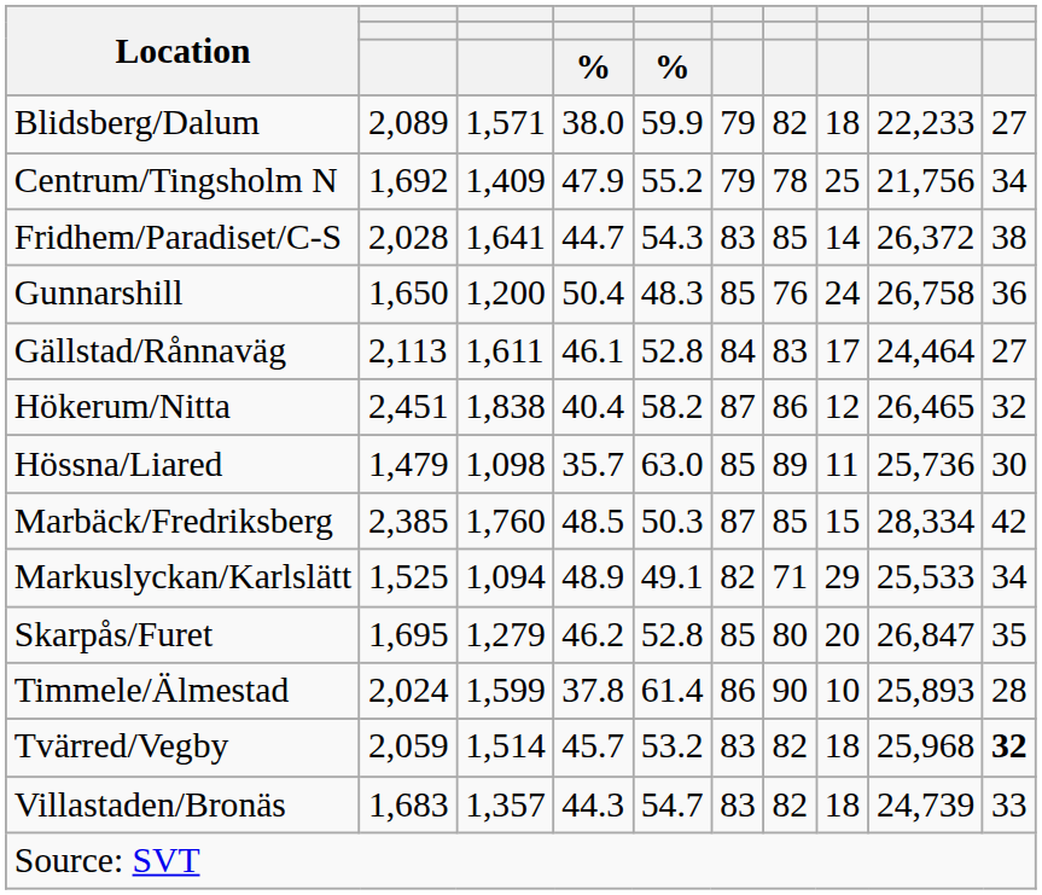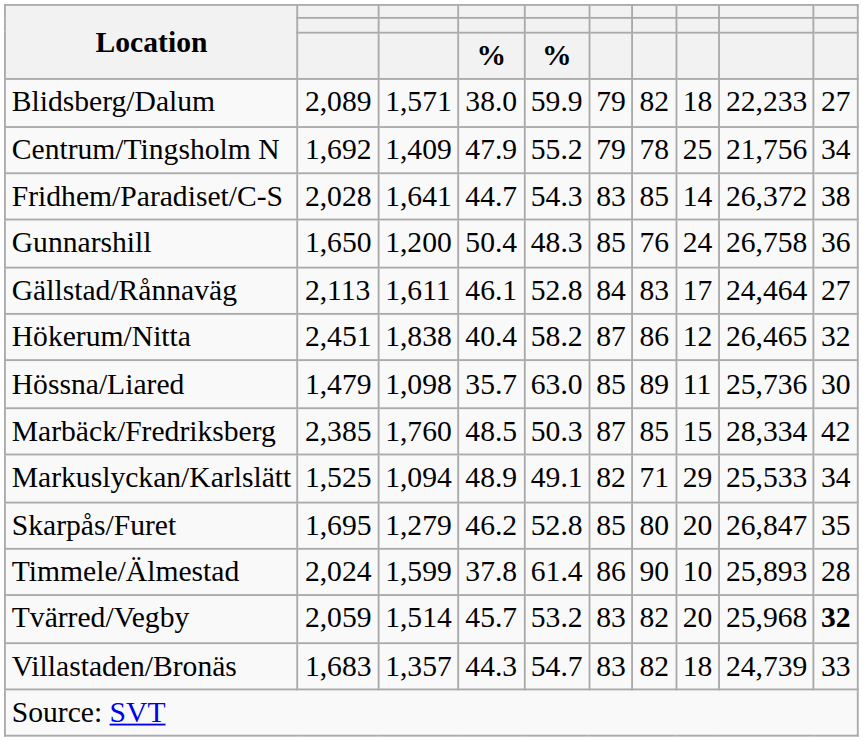 <table role="presentation" class="wikitable sortable mw-collapsible">
 <tr>
 <th rowspan="3">Location</th>
 <th></th>
 <th></th>
 <th></th>
 <th></th>
 <th></th>
 <th></th>
 <th></th>
 <th></th>
 <th></th>
 </tr>
 <tr>
 <th></th>
 <th></th>
 <th style="background:"></th>
 <th style="background:"></th>
 <th></th>
 <th></th>
 <th></th>
 <th></th>
 <th></th>
 </tr>
 <tr>
 <th data-sort-type="number"></th>
 <th data-sort-type="number"></th>
 <th data-sort-type="number">%</th>
 <th data-sort-type="number">%</th>
 <th data-sort-type="number"></th>
 <th data-sort-type="number"></th>
 <th data-sort-type="number"></th>
 <th data-sort-type="number"></th>
 <th data-sort-type="number"></th>
 </tr>
 <tr>
 <td align="left">Blidsberg/Dalum</td>
 <td>2,089</td>
 <td>1,571</td>
 <td>38.0</td>
 <td>59.9</td>
 <td>79</td>
 <td>82</td>
 <td>18</td>
 <td>22,233</td>
 <td>27</td>
 </tr>
 <tr>
 <td align="left">Centrum/Tingsholm N</td>
 <td>1,692</td>
 <td>1,409</td>
 <td>47.9</td>
 <td>55.2</td>
 <td>79</td>
 <td>78</td>
 <td>25</td>
 <td>21,756</td>
 <td>34</td>
 </tr>
 <tr>
 <td align="left">Fridhem/Paradiset/C-S</td>
 <td>2,028</td>
 <td>1,641</td>
 <td>44.7</td>
 <td>54.3</td>
 <td>83</td>
 <td>85</td>
 <td>14</td>
 <td>26,372</td>
 <td>38</td>
 </tr>
 <tr>
 <td align="left">Gunnarshill</td>
 <td>1,650</td>
 <td>1,200</td>
 <td>50.4</td>
 <td>48.3</td>
 <td>85</td>
 <td>76</td>
 <td>24</td>
 <td>26,758</td>
 <td>36</td>
 </tr>
 <tr>
 <td align="left">Gällstad/Rånnaväg</td>
 <td>2,113</td>
 <td>1,611</td>
 <td>46.1</td>
 <td>52.8</td>
 <td>84</td>
 <td>83</td>
 <td>17</td>
 <td>24,464</td>
 <td>27</td>
 </tr>
 <tr>
 <td align="left">Hökerum/Nitta</td>
 <td>2,451</td>
 <td>1,838</td>
 <td>40.4</td>
 <td>58.2</td>
 <td>87</td>
 <td>86</td>
 <td>12</td>
 <td>26,465</td>
 <td>32</td>
 </tr>
 <tr>
 <td align="left">Hössna/Liared</td>
 <td>1,479</td>
 <td>1,098</td>
 <td>35.7</td>
 <td>63.0</td>
 <td>85</td>
 <td>89</td>
 <td>11</td>
 <td>25,736</td>
 <td>30</td>
 </tr>
 <tr>
 <td align="left">Marbäck/Fredriksberg</td>
 <td>2,385</td>
 <td>1,760</td>
 <td>48.5</td>
 <td>50.3</td>
 <td>87</td>
 <td>85</td>
 <td>15</td>
 <td>28,334</td>
 <td>42</td>
 </tr>
 <tr>
 <td align="left">Markuslyckan/Karlslätt</td>
 <td>1,525</td>
 <td>1,094</td>
 <td>48.9</td>
 <td>49.1</td>
 <td>82</td>
 <td>71</td>
 <td>29</td>
 <td>25,533</td>
 <td>34</td>
 </tr>
 <tr>
 <td align="left">Skarpås/Furet</td>
 <td>1,695</td>
 <td>1,279</td>
 <td>46.2</td>
 <td>52.8</td>
 <td>85</td>
 <td>80</td>
 <td>20</td>
 <td>26,847</td>
 <td>35</td>
 </tr>
 <tr>
 <td align="left">Timmele/Älmestad</td>
 <td>2,024</td>
 <td>1,599</td>
 <td>37.8</td>
 <td>61.4</td>
 <td>86</td>
 <td>90</td>
 <td>10</td>
 <td>25,893</td>
 <td>28</td>
 </tr>
 <tr>
 <td align="left">Tvärred/Vegby</td>
 <td>2,059</td>
 <td>1,514</td>
 <td>45.7</td>
 <td>53.2</td>
 <td>83</td>
 <td>82</td>
-<td>18</td>
+<td>20</td>
 <td>25,968</td>
 <td><strong>32</strong></td>
 </tr>
 <tr>
 <td align="left">Villastaden/Bronäs</td>
 <td>1,683</td>
 <td>1,357</td>
 <td>44.3</td>
 <td>54.7</td>
 <td>83</td>
 <td>82</td>
 <td>18</td>
 <td>24,739</td>
 <td>33</td>
 </tr>
 <tr>
 <td colspan="10" align="left">Source: <a href='#'>SVT</a></td>
 </tr>
 </table>
